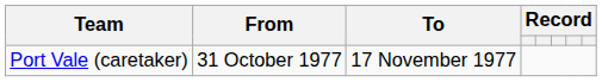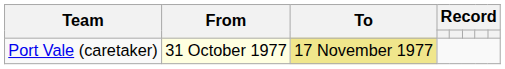 <table class="wikitable" style="text-align: center">
 <tr>
 <th rowspan=2>Team</th>
 <th rowspan=2>From</th>
 <th rowspan=2>To</th>
 <th colspan=5>Record</th>
 </tr>
 <tr>
 <th></th>
 <th></th>
 <th></th>
 <th></th>
 <th></th>
 </tr>
 <tr>
 <td align=left><a href='#'>Port Vale</a> (caretaker)</td>
-<td align=left>31 October 1977</td>
-<td align=left>17 November 1977<br></td>
+<td align=left style="background: lightyellow;">31 October 1977</td>
+<td align=left style="background: khaki;">17 November 1977<br></td>
 </tr>
 </table>
